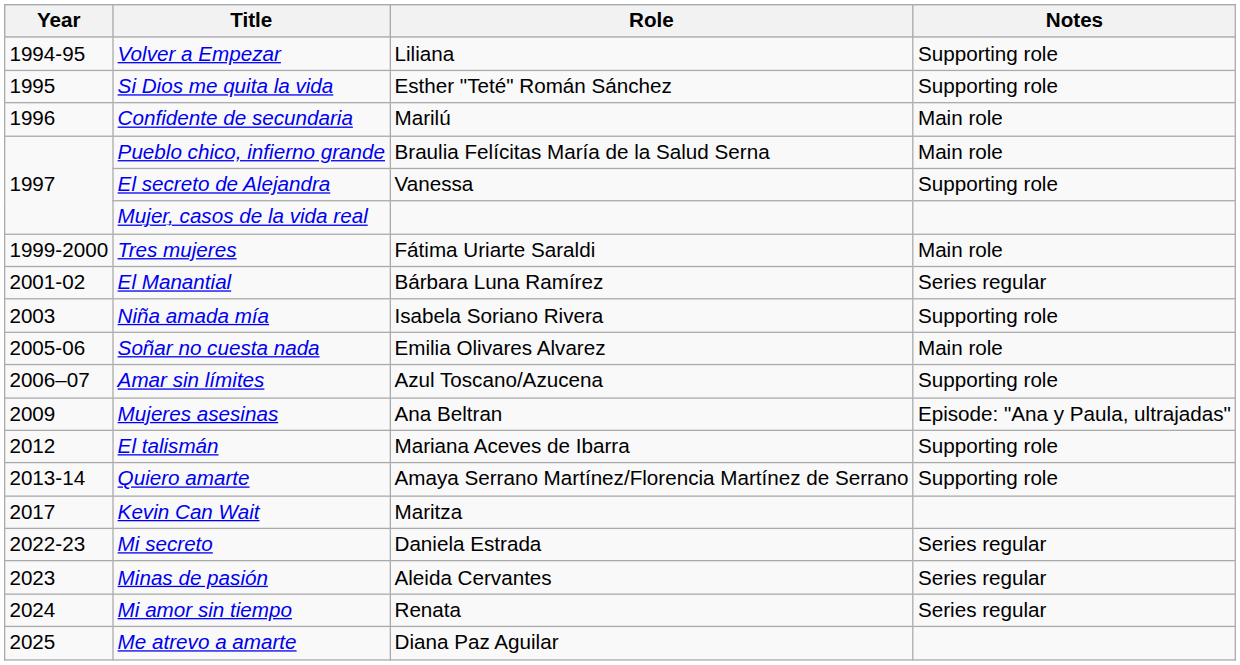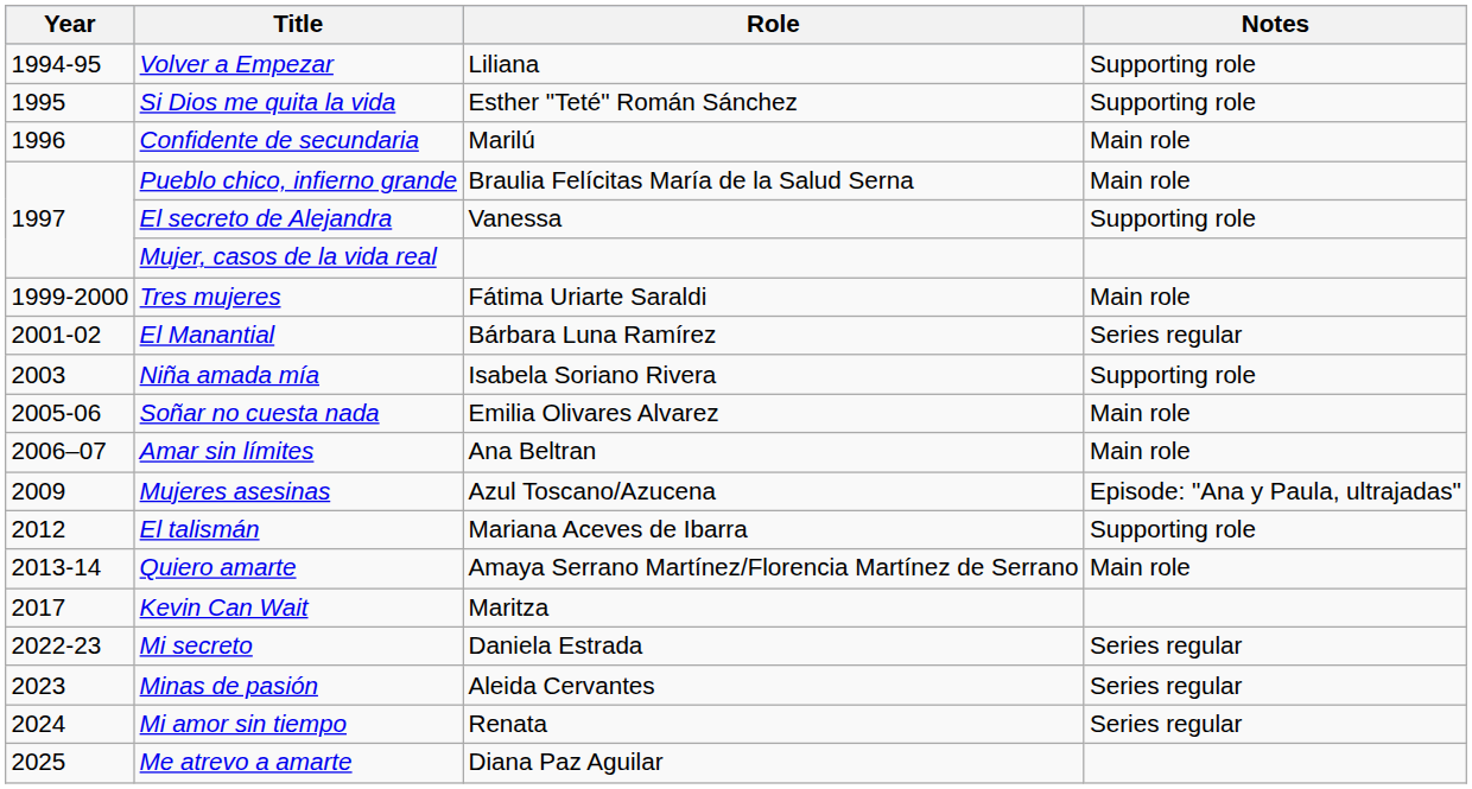 <table class="wikitable">
 <tr style="background:#b0c4de;">
 <th>Year</th>
 <th>Title</th>
 <th>Role</th>
 <th>Notes</th>
 </tr>
 <tr>
 <td>1994-95</td>
 <td><em><a href='#'>Volver a Empezar</a></em></td>
 <td>Liliana</td>
 <td>Supporting role</td>
 </tr>
 <tr>
 <td>1995</td>
 <td><em><a href='#'>Si Dios me quita la vida</a></em></td>
 <td>Esther "Teté" Román Sánchez</td>
 <td>Supporting role</td>
 </tr>
 <tr>
 <td>1996</td>
 <td><em><a href='#'>Confidente de secundaria</a></em></td>
 <td>Marilú</td>
 <td>Main role</td>
 </tr>
 <tr>
 <td rowspan=3>1997</td>
 <td><em><a href='#'>Pueblo chico, infierno grande</a></em></td>
 <td>Braulia Felícitas María de la Salud Serna</td>
 <td>Main role</td>
 </tr>
 <tr>
 <td><em><a href='#'>El secreto de Alejandra</a></em></td>
 <td>Vanessa</td>
 <td>Supporting role</td>
 </tr>
 <tr>
 <td><em><a href='#'>Mujer, casos de la vida real</a></em></td>
 <td></td>
 <td></td>
 </tr>
 <tr>
 <td>1999-2000</td>
 <td><em><a href='#'>Tres mujeres</a></em></td>
 <td>Fátima Uriarte Saraldi</td>
 <td>Main role</td>
 </tr>
 <tr>
 <td>2001-02</td>
 <td><em><a href='#'>El Manantial</a></em></td>
 <td>Bárbara Luna Ramírez</td>
 <td>Series regular</td>
 </tr>
 <tr>
 <td>2003</td>
 <td><em><a href='#'>Niña amada mía</a></em></td>
 <td>Isabela Soriano Rivera</td>
 <td>Supporting role</td>
 </tr>
 <tr>
 <td>2005-06</td>
 <td><em><a href='#'>Soñar no cuesta nada</a></em></td>
 <td>Emilia Olivares Alvarez</td>
 <td>Main role</td>
 </tr>
 <tr>
 <td>2006–07</td>
 <td><em><a href='#'>Amar sin límites</a></em></td>
-<td>Azul Toscano/Azucena</td>
-<td>Supporting role</td>
+<td>Ana Beltran</td>
+<td>Main role</td>
 </tr>
 <tr>
 <td>2009</td>
 <td><em><a href='#'>Mujeres asesinas</a></em></td>
-<td>Ana Beltran</td>
+<td>Azul Toscano/Azucena</td>
 <td>Episode: "Ana y Paula, ultrajadas"</td>
 </tr>
 <tr>
 <td>2012</td>
 <td><em><a href='#'>El talismán</a></em></td>
 <td>Mariana Aceves de Ibarra</td>
 <td>Supporting role</td>
 </tr>
 <tr>
 <td>2013-14</td>
 <td><em><a href='#'>Quiero amarte</a></em></td>
 <td>Amaya Serrano Martínez/Florencia Martínez de Serrano</td>
-<td>Supporting role</td>
+<td>Main role</td>
 </tr>
 <tr>
 <td>2017</td>
 <td><em><a href='#'>Kevin Can Wait</a></em></td>
 <td>Maritza</td>
 <td></td>
 </tr>
 <tr>
 <td>2022-23</td>
 <td><em><a href='#'>Mi secreto</a></em></td>
 <td>Daniela Estrada</td>
 <td>Series regular</td>
 </tr>
 <tr>
 <td>2023</td>
 <td><em><a href='#'>Minas de pasión</a></em></td>
 <td>Aleida Cervantes</td>
 <td>Series regular</td>
 </tr>
 <tr>
 <td>2024</td>
 <td><em><a href='#'>Mi amor sin tiempo</a></em></td>
 <td>Renata</td>
 <td>Series regular</td>
 </tr>
 <tr>
 <td>2025</td>
 <td><em><a href='#'>Me atrevo a amarte</a></em></td>
 <td>Diana Paz Aguilar</td>
 <td></td>
 </tr>
 </table>
